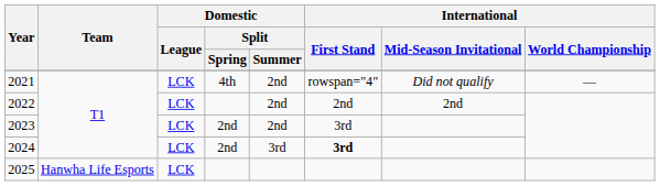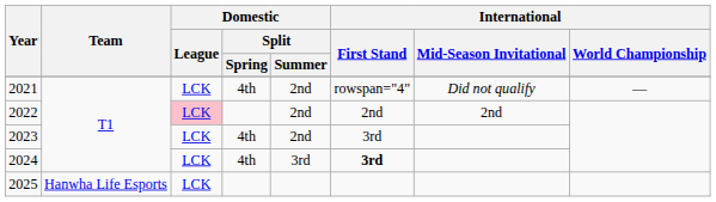 <table class="wikitable" style="font-size:90%; text-align:center;">
 <tr style="background:#f0f6ff;">
 <th rowspan=3>Year</th>
 <th rowspan=3>Team</th>
 <th colspan=3>Domestic</th>
 <th colspan=3>International</th>
 </tr>
 <tr>
 <th rowspan=2>League</th>
 <th colspan=2>Split</th>
 <th rowspan=2><a href='#'>First Stand</a></th>
 <th rowspan=2><a href='#'>Mid-Season Invitational</a></th>
 <th rowspan=2><a href='#'>World Championship</a></th>
 </tr>
 <tr>
 <th>Spring</th>
 <th>Summer</th>
 </tr>
 <tr>
 </tr>
 <tr>
 <td>2021</td>
 <td rowspan="4"><a href='#'>T1</a></td>
 <td><a href='#'>LCK</a></td>
 <td>4th</td>
 <td>2nd</td>
 <td>rowspan="4" </td>
 <td><em>Did not qualify</em></td>
 <td>—</td>
 </tr>
 <tr>
 <td>2022</td>
-<td><a href='#'>LCK</a></td>
+<td style="background: pink;"><a href='#'>LCK</a></td>
 <td></td>
 <td>2nd</td>
 <td>2nd</td>
 <td>2nd</td>
 </tr>
 <tr>
 <td>2023</td>
 <td><a href='#'>LCK</a></td>
-<td>2nd</td>
+<td>4th</td>
 <td>2nd</td>
 <td>3rd</td>
 <td></td>
 </tr>
 <tr>
 <td>2024</td>
 <td><a href='#'>LCK</a></td>
-<td>2nd</td>
+<td>4th</td>
 <td>3rd</td>
 <td><strong>3rd</strong></td>
 <td></td>
 </tr>
 <tr>
 <td>2025</td>
 <td><a href='#'>Hanwha Life Esports</a></td>
 <td><a href='#'>LCK</a></td>
 <td></td>
 <td></td>
 <td></td>
 <td></td>
 <td></td>
 </tr>
 </table>
